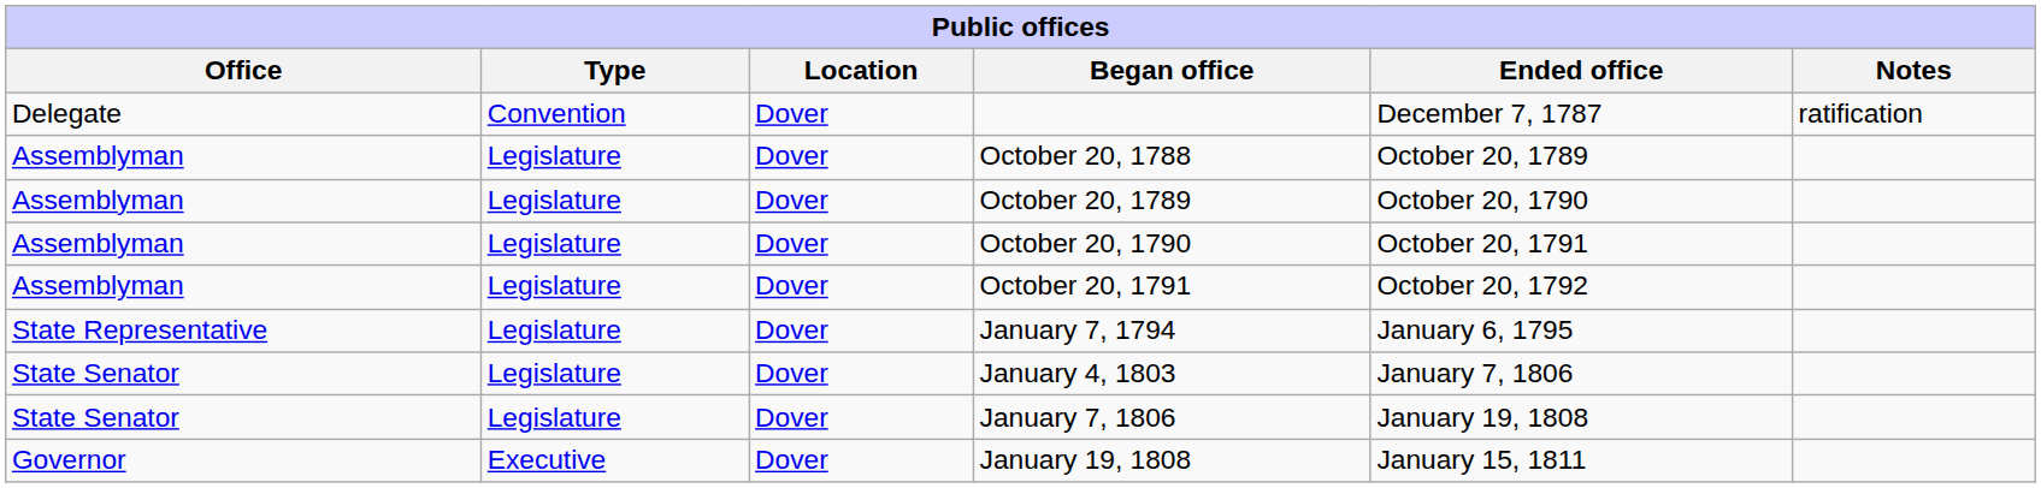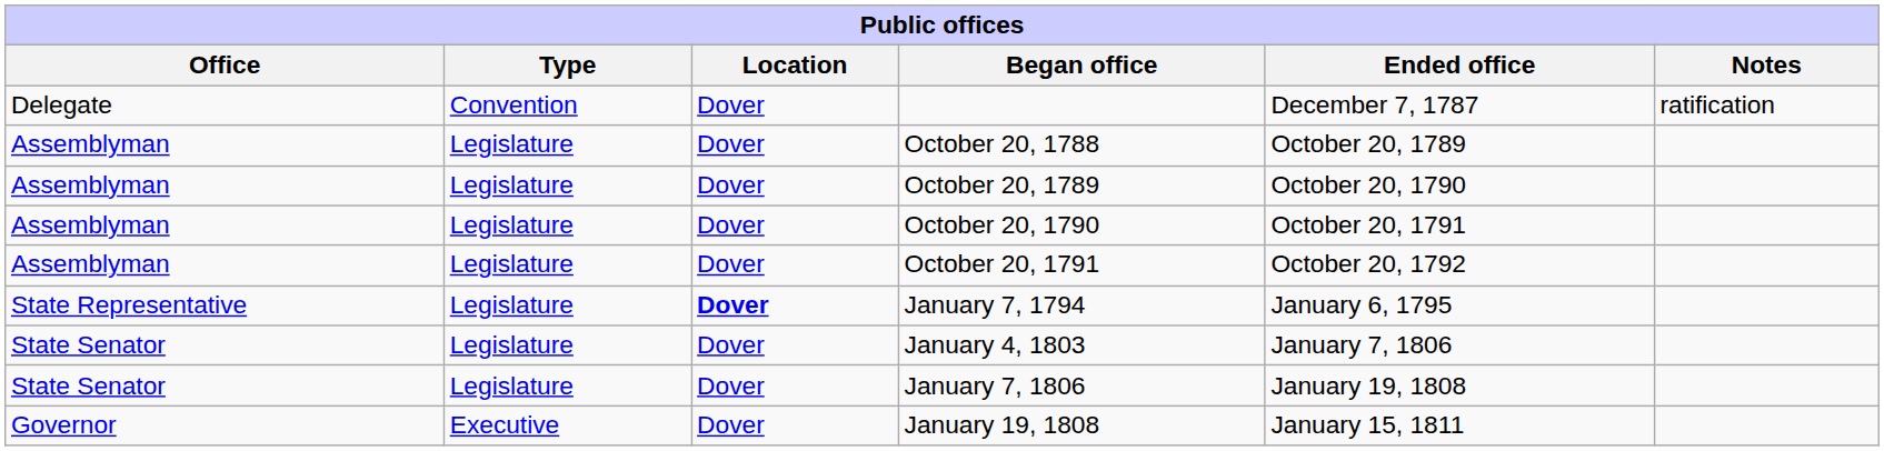 <table class=wikitable style="width: 94%" style="text-align: center;" align="center">
 <tr bgcolor=#cccccc>
 <th colspan=7 style="background: #ccccff;">Public offices</th>
 </tr>
 <tr>
 <th><strong>Office</strong></th>
 <th><strong>Type</strong></th>
 <th><strong>Location</strong></th>
 <th><strong>Began office</strong></th>
 <th><strong>Ended office</strong></th>
 <th><strong>Notes</strong></th>
 </tr>
 <tr>
 <td>Delegate</td>
 <td><a href='#'>Convention</a></td>
 <td><a href='#'>Dover</a></td>
 <td></td>
 <td>December 7, 1787</td>
 <td>ratification</td>
 </tr>
 <tr>
 <td><a href='#'>Assemblyman</a></td>
 <td><a href='#'>Legislature</a></td>
 <td><a href='#'>Dover</a></td>
 <td>October 20, 1788</td>
 <td>October 20, 1789</td>
 <td></td>
 </tr>
 <tr>
 <td><a href='#'>Assemblyman</a></td>
 <td><a href='#'>Legislature</a></td>
 <td><a href='#'>Dover</a></td>
 <td>October 20, 1789</td>
 <td>October 20, 1790</td>
 <td></td>
 </tr>
 <tr>
 <td><a href='#'>Assemblyman</a></td>
 <td><a href='#'>Legislature</a></td>
 <td><a href='#'>Dover</a></td>
 <td>October 20, 1790</td>
 <td>October 20, 1791</td>
 <td></td>
 </tr>
 <tr>
 <td><a href='#'>Assemblyman</a></td>
 <td><a href='#'>Legislature</a></td>
 <td><a href='#'>Dover</a></td>
 <td>October 20, 1791</td>
 <td>October 20, 1792</td>
 <td></td>
 </tr>
 <tr>
 <td><a href='#'>State Representative</a></td>
 <td><a href='#'>Legislature</a></td>
-<td><a href='#'>Dover</a></td>
+<td><strong><a href='#'>Dover</a></strong></td>
 <td>January 7, 1794</td>
 <td>January 6, 1795</td>
 <td></td>
 </tr>
 <tr>
 <td><a href='#'>State Senator</a></td>
 <td><a href='#'>Legislature</a></td>
 <td><a href='#'>Dover</a></td>
 <td>January 4, 1803</td>
 <td>January 7, 1806</td>
 <td></td>
 </tr>
 <tr>
 <td><a href='#'>State Senator</a></td>
 <td><a href='#'>Legislature</a></td>
 <td><a href='#'>Dover</a></td>
 <td>January 7, 1806</td>
 <td>January 19, 1808</td>
 <td></td>
 </tr>
 <tr>
 <td><a href='#'>Governor</a></td>
 <td><a href='#'>Executive</a></td>
 <td><a href='#'>Dover</a></td>
 <td>January 19, 1808</td>
 <td>January 15, 1811</td>
 <td></td>
 </tr>
 </table>
